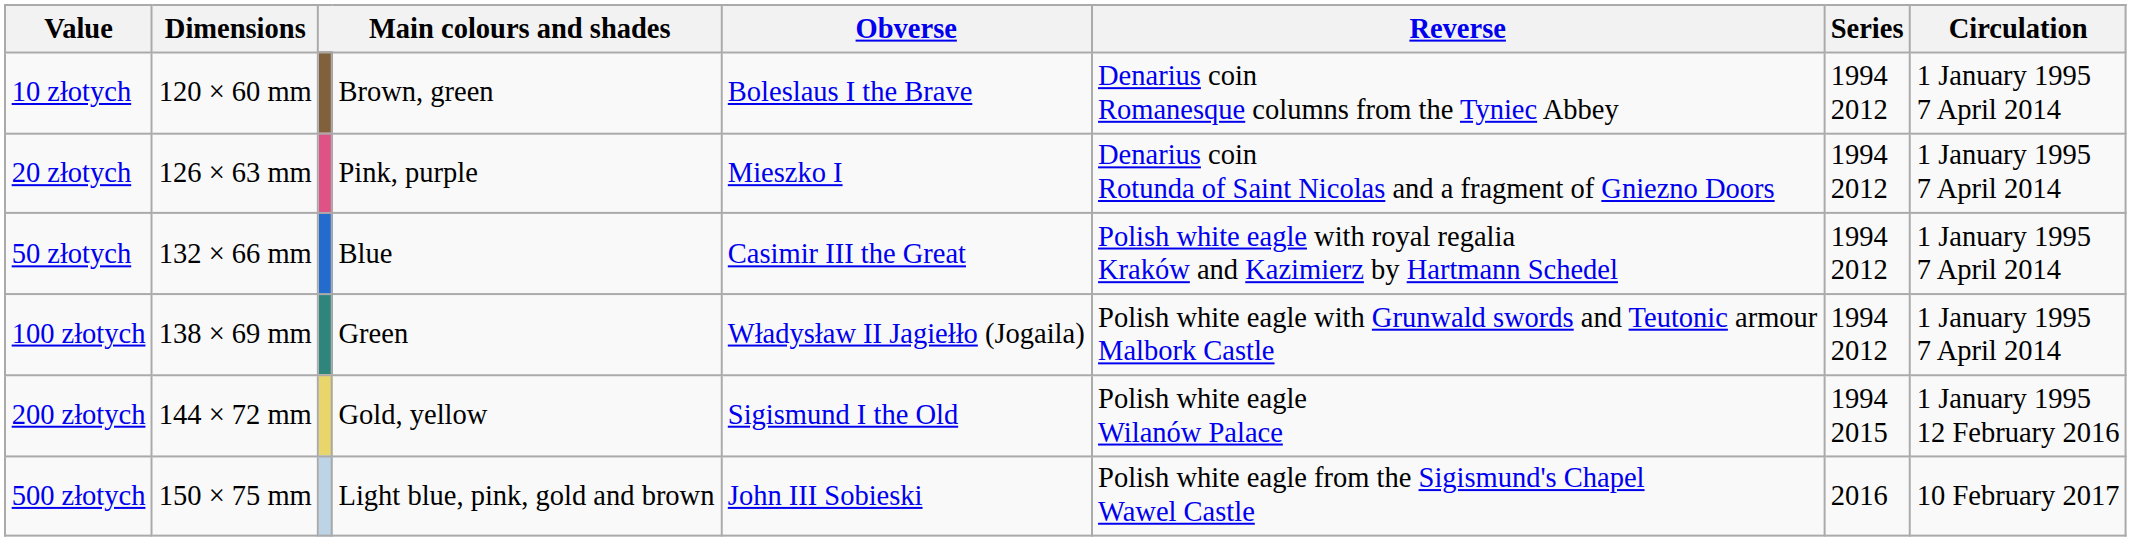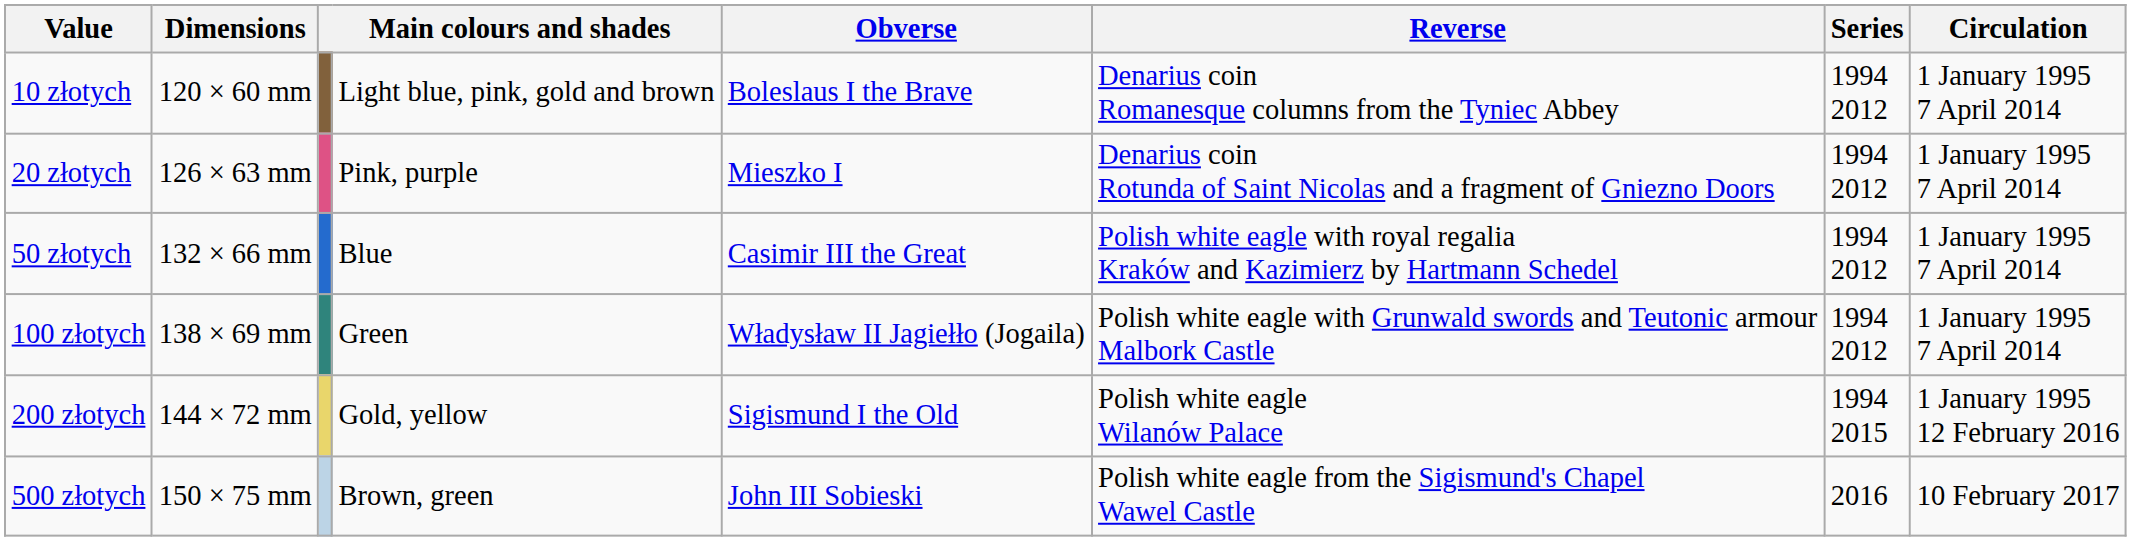 <table class="wikitable" style="font-size:90%; border-width:1px;">
 <tr>
 <th>Value</th>
 <th>Dimensions</th>
 <th colspan=2>Main colours and shades</th>
 <th><a href='#'>Obverse</a></th>
 <th><a href='#'>Reverse</a></th>
 <th>Series</th>
 <th>Circulation</th>
 </tr>
 <tr>
 <td><a href='#'>10 złotych</a></td>
 <td>120 × 60 mm</td>
 <td style="background:#81613C;"></td>
-<td>Brown, green</td>
+<td>Light blue, pink, gold and brown</td>
 <td><a href='#'>Boleslaus I the Brave</a></td>
 <td><a href='#'>Denarius</a> coin<br><a href='#'>Romanesque</a> columns from the <a href='#'>Tyniec</a> Abbey</td>
 <td>1994<br>2012</td>
 <td>1 January 1995<br>7 April 2014</td>
 </tr>
 <tr>
 <td><a href='#'>20 złotych</a></td>
 <td>126 × 63 mm</td>
 <td style="background:#DE5285"></td>
 <td>Pink, purple</td>
 <td><a href='#'>Mieszko I</a></td>
 <td><a href='#'>Denarius</a> coin<br><a href='#'>Rotunda of Saint Nicolas</a> and a fragment of <a href='#'>Gniezno Doors</a></td>
 <td>1994<br>2012</td>
 <td>1 January 1995<br>7 April 2014</td>
 </tr>
 <tr>
 <td><a href='#'>50 złotych</a></td>
 <td>132 × 66 mm</td>
 <td style="background:#246BCE"></td>
 <td>Blue</td>
 <td><a href='#'>Casimir III the Great</a></td>
 <td><a href='#'>Polish white eagle</a> with royal regalia<br><a href='#'>Kraków</a> and <a href='#'>Kazimierz</a> by <a href='#'>Hartmann Schedel</a></td>
 <td>1994<br>2012</td>
 <td>1 January 1995<br>7 April 2014</td>
 </tr>
 <tr>
 <td><a href='#'>100 złotych</a></td>
 <td>138 × 69 mm</td>
 <td style="background:#2F847C"></td>
 <td>Green</td>
 <td><a href='#'>Władysław II Jagiełło</a> (Jogaila)</td>
 <td>Polish white eagle with <a href='#'>Grunwald swords</a> and <a href='#'>Teutonic</a> armour<br><a href='#'>Malbork Castle</a></td>
 <td>1994<br>2012</td>
 <td>1 January 1995<br>7 April 2014</td>
 </tr>
 <tr>
 <td><a href='#'>200 złotych</a></td>
 <td>144 × 72 mm</td>
 <td style="background:#E9D66B"></td>
 <td>Gold, yellow</td>
 <td><a href='#'>Sigismund I the Old</a></td>
 <td>Polish white eagle<br><a href='#'>Wilanów Palace</a></td>
 <td>1994<br>2015</td>
 <td>1 January 1995<br>12 February 2016</td>
 </tr>
 <tr>
 <td><a href='#'>500 złotych</a></td>
 <td>150 × 75 mm</td>
 <td style="background:#BCD4E6"></td>
-<td>Light blue, pink, gold and brown</td>
+<td>Brown, green</td>
 <td><a href='#'>John III Sobieski</a></td>
 <td>Polish white eagle from the <a href='#'>Sigismund's Chapel</a><br><a href='#'>Wawel Castle</a></td>
 <td>2016</td>
 <td>10 February 2017</td>
 </tr>
 </table>
